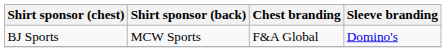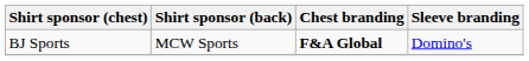 <table class="wikitable">
 <tr>
 <th>Shirt sponsor (chest)</th>
 <th>Shirt sponsor (back)</th>
 <th>Chest branding</th>
 <th>Sleeve branding</th>
 </tr>
 <tr>
 <td>BJ Sports</td>
 <td>MCW Sports</td>
-<td>F&A Global</td>
+<td><strong>F&A Global</strong></td>
 <td><a href='#'>Domino's</a></td>
 </tr>
 <tr>
 </tr>
 </table>
